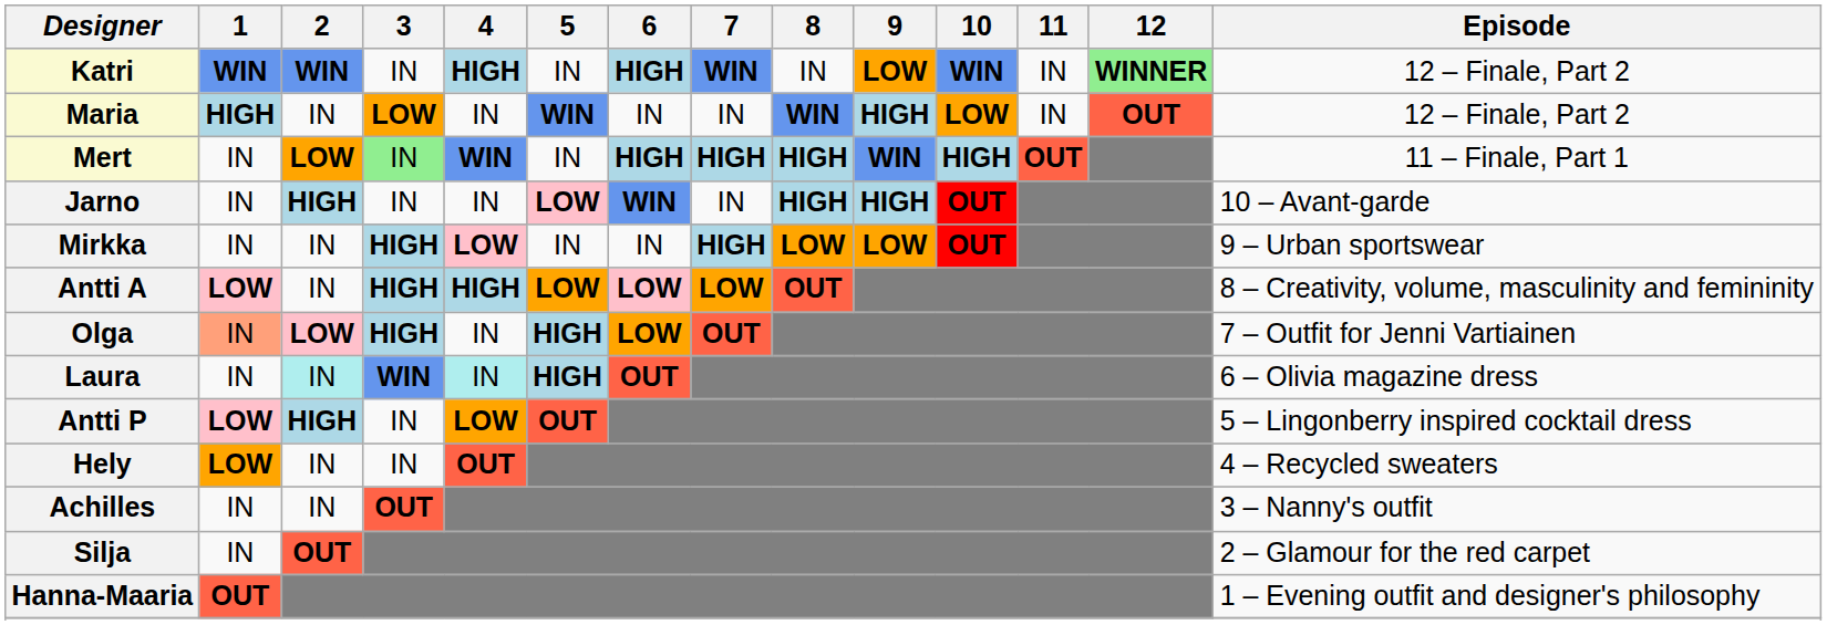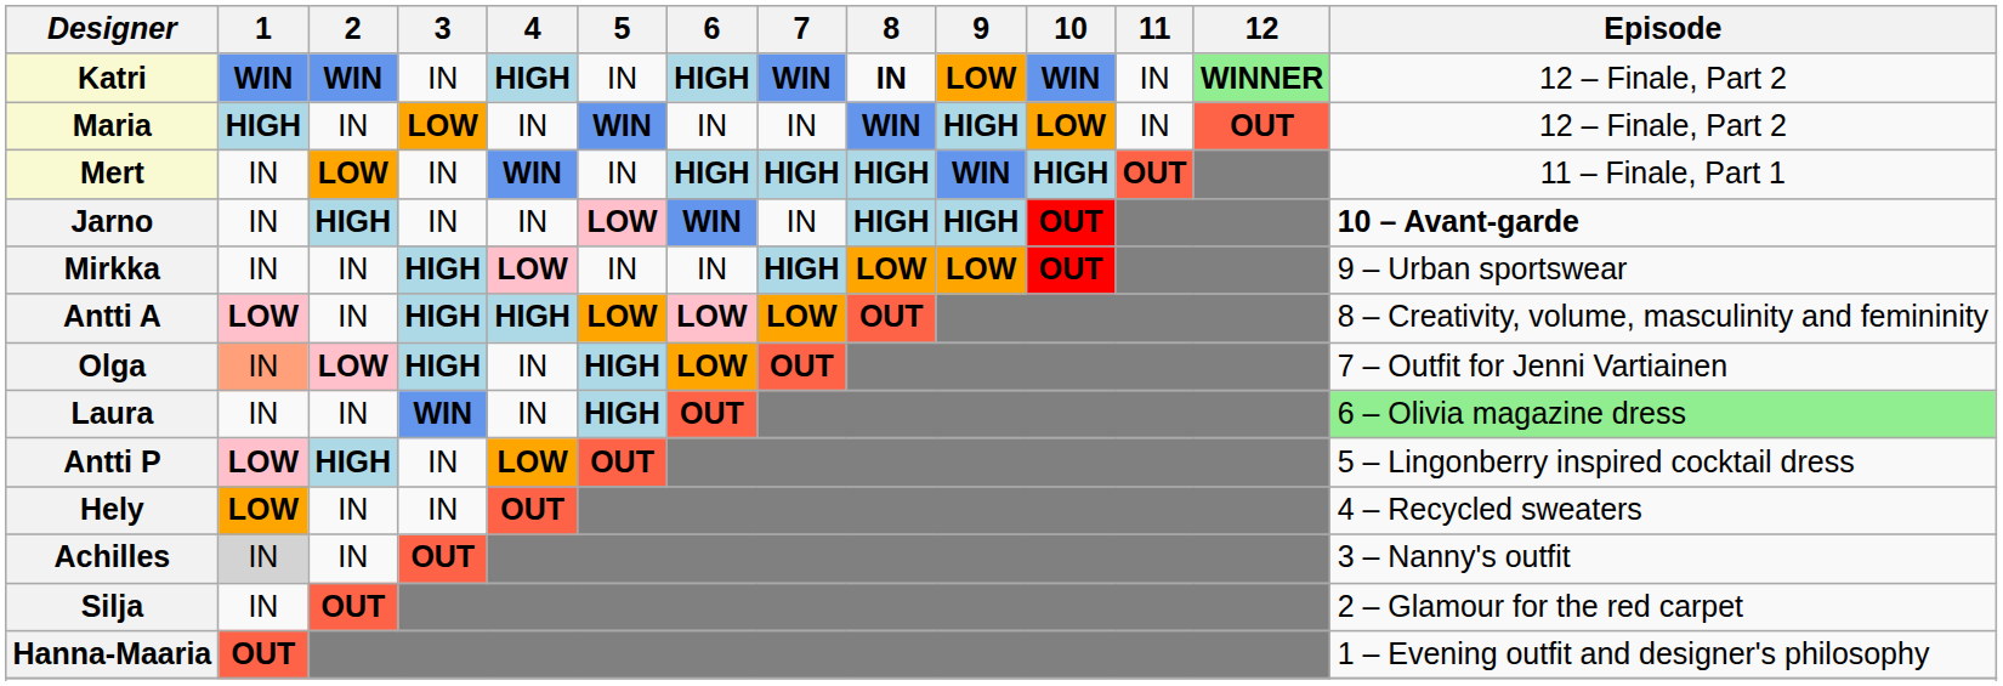 <table class="wikitable" style="text-align:center">
 <tr>
 <th><strong><em>Designer</em></strong></th>
 <th>1</th>
 <th>2</th>
 <th>3</th>
 <th>4</th>
 <th>5</th>
 <th>6</th>
 <th>7</th>
 <th>8</th>
 <th>9</th>
 <th>10</th>
 <th>11</th>
 <th>12</th>
 <th>Episode</th>
 </tr>
 <tr>
 <th style="background:#FAFAD2;">Katri</th>
 <td style="background:cornflowerblue;"><strong>WIN</strong></td>
 <td style="background:cornflowerblue;"><strong>WIN</strong></td>
 <td>IN</td>
 <td style="background:lightblue;"><strong>HIGH</strong></td>
 <td>IN</td>
 <td style="background:lightblue;"><strong>HIGH</strong></td>
 <td style="background:cornflowerblue;"><strong>WIN</strong></td>
-<td>IN</td>
+<td><strong>IN</strong></td>
 <td style="background:orange;"><strong>LOW</strong></td>
 <td style="background:cornflowerblue;"><strong>WIN</strong></td>
 <td>IN</td>
 <td style="background:lightgreen;"><strong>WINNER</strong></td>
 <td>12 – Finale, Part 2</td>
 </tr>
 <tr>
 <th style="background:#FAFAD2;">Maria</th>
 <td style="background:lightblue;"><strong>HIGH</strong></td>
 <td>IN</td>
 <td style="background:orange;"><strong>LOW</strong></td>
 <td>IN</td>
 <td style="background:cornflowerblue;"><strong>WIN</strong></td>
 <td>IN</td>
 <td>IN</td>
 <td style="background:cornflowerblue;"><strong>WIN</strong></td>
 <td style="background:lightblue;"><strong>HIGH</strong></td>
 <td style="background:orange;"><strong>LOW</strong></td>
 <td>IN</td>
 <td style="background:tomato;"><strong>OUT</strong></td>
 <td>12 – Finale, Part 2</td>
 </tr>
 <tr>
 <th style="background:#FAFAD2;">Mert</th>
 <td>IN</td>
 <td style="background:orange;"><strong>LOW</strong></td>
-<td style="background: lightgreen;">IN</td>
+<td>IN</td>
 <td style="background:cornflowerblue;"><strong>WIN</strong></td>
 <td>IN</td>
 <td style="background:lightblue;"><strong>HIGH</strong></td>
 <td style="background:lightblue;"><strong>HIGH</strong></td>
 <td style="background:lightblue;"><strong>HIGH</strong></td>
 <td style="background:cornflowerblue;"><strong>WIN</strong></td>
 <td style="background:lightblue;"><strong>HIGH</strong></td>
 <td style="background:tomato;"><strong>OUT</strong></td>
 <td style="background:gray;"></td>
 <td>11 – Finale, Part 1</td>
 </tr>
 <tr>
 <th>Jarno</th>
 <td>IN</td>
 <td style="background:lightblue;"><strong>HIGH</strong></td>
 <td>IN</td>
 <td>IN</td>
 <td style="background:pink;"><strong>LOW</strong></td>
 <td style="background:cornflowerblue;"><strong>WIN</strong></td>
 <td>IN</td>
 <td style="background:lightblue;"><strong>HIGH</strong></td>
 <td style="background:lightblue;"><strong>HIGH</strong></td>
 <td style="background:red;"><strong>OUT</strong></td>
 <td style="background:gray;" colspan="2"></td>
-<td style="text-align:left">10 – Avant-garde</td>
+<td style="text-align:left"><strong>10 – Avant-garde</strong></td>
 </tr>
 <tr>
 <th>Mirkka</th>
 <td>IN</td>
 <td>IN</td>
 <td style="background:lightblue;"><strong>HIGH</strong></td>
 <td style="background:pink;"><strong>LOW</strong></td>
 <td>IN</td>
 <td>IN</td>
 <td style="background:lightblue;"><strong>HIGH</strong></td>
 <td style="background:orange;"><strong>LOW</strong></td>
 <td style="background:orange;"><strong>LOW</strong></td>
 <td style="background:red;"><strong>OUT</strong></td>
 <td style="background:gray;" colspan="2"></td>
 <td style="text-align:left">9 – Urban sportswear</td>
 </tr>
 <tr>
 <th>Antti A</th>
 <td style="background:pink;"><strong>LOW</strong></td>
 <td>IN</td>
 <td style="background:lightblue;"><strong>HIGH</strong></td>
 <td style="background:lightblue;"><strong>HIGH</strong></td>
 <td style="background:orange;"><strong>LOW</strong></td>
 <td style="background:pink;"><strong>LOW</strong></td>
 <td style="background:orange;"><strong>LOW</strong></td>
 <td style="background:tomato;"><strong>OUT</strong></td>
 <td style="background:gray;" colspan="4"></td>
 <td style="text-align:left">8 – Creativity, volume, masculinity and femininity</td>
 </tr>
 <tr>
 <th>Olga</th>
 <td style="background: lightsalmon;">IN</td>
 <td style="background:pink;"><strong>LOW</strong></td>
 <td style="background:lightblue;"><strong>HIGH</strong></td>
 <td>IN</td>
 <td style="background:lightblue;"><strong>HIGH</strong></td>
 <td style="background:orange;"><strong>LOW</strong></td>
 <td style="background:tomato;"><strong>OUT</strong></td>
 <td style="background:gray;" colspan="5"></td>
 <td style="text-align:left">7 – Outfit for Jenni Vartiainen</td>
 </tr>
 <tr>
 <th>Laura</th>
 <td>IN</td>
-<td style="background: paleturquoise;">IN</td>
+<td>IN</td>
 <td style="background:cornflowerblue;"><strong>WIN</strong></td>
-<td style="background: paleturquoise;">IN</td>
+<td>IN</td>
 <td style="background:lightblue;"><strong>HIGH</strong></td>
 <td style="background:tomato;"><strong>OUT</strong></td>
 <td style="background:gray;" colspan="6"></td>
-<td style="text-align:left">6 – Olivia magazine dress</td>
+<td style="background: lightgreen; text-align:left">6 – Olivia magazine dress</td>
 </tr>
 <tr>
 <th>Antti P</th>
 <td style="background:pink;"><strong>LOW</strong></td>
 <td style="background:lightblue;"><strong>HIGH</strong></td>
 <td>IN</td>
 <td style="background:orange;"><strong>LOW</strong></td>
 <td style="background:tomato;"><strong>OUT</strong></td>
 <td style="background:gray;" colspan="7"></td>
 <td style="text-align:left">5 – Lingonberry inspired cocktail dress</td>
 </tr>
 <tr>
 <th>Hely</th>
 <td style="background:orange;"><strong>LOW</strong></td>
 <td>IN</td>
 <td>IN</td>
 <td style="background:tomato;"><strong>OUT</strong></td>
 <td style="background:gray;" colspan="8"></td>
 <td style="text-align:left">4 – Recycled sweaters</td>
 </tr>
 <tr>
 <th>Achilles</th>
-<td>IN</td>
+<td style="background: lightgrey;">IN</td>
 <td>IN</td>
 <td style="background:tomato;"><strong>OUT</strong></td>
 <td style="background:gray;" colspan="9"></td>
 <td style="text-align:left">3 – Nanny's outfit</td>
 </tr>
 <tr>
 <th>Silja</th>
 <td>IN</td>
 <td style="background:tomato;"><strong>OUT</strong></td>
 <td style="background:gray;" colspan="10"></td>
 <td style="text-align:left">2 – Glamour for the red carpet</td>
 </tr>
 <tr>
 <th>Hanna-Maaria</th>
 <td style="background:tomato;"><strong>OUT</strong></td>
 <td style="background:gray;" colspan="11"></td>
 <td style="text-align:left">1 – Evening outfit and designer's philosophy</td>
 </tr>
 <tr>
 </tr>
 <tr>
 </tr>
 </table>
